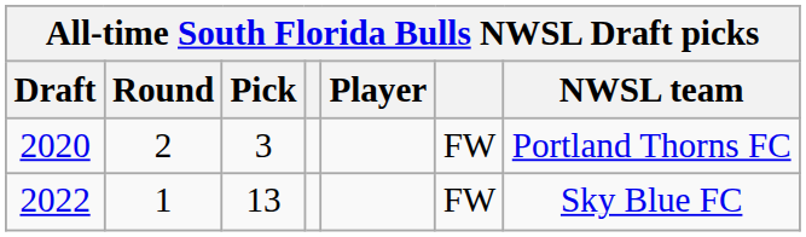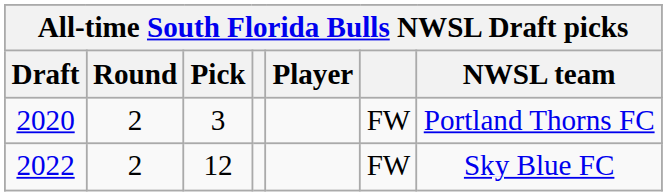 <table class="wikitable sortable" style="text-align: center;">
 <tr>
 <th colspan="7" style="background:#">All-time <a href='#'><span>South Florida Bulls</span></a> NWSL Draft picks</th>
 </tr>
 <tr>
 <th scope="col">Draft</th>
 <th scope="col">Round</th>
 <th scope="col">Pick</th>
 <th scope="col"></th>
 <th scope="col">Player</th>
 <th scope="col"></th>
 <th scope="col">NWSL team</th>
 </tr>
 <tr>
 <td><a href='#'>2020</a></td>
 <td>2</td>
 <td>3</td>
 <td></td>
 <td></td>
 <td>FW</td>
 <td><a href='#'>Portland Thorns FC</a></td>
 </tr>
 <tr>
 <td><a href='#'>2022</a></td>
-<td>1</td>
-<td>13</td>
+<td>2</td>
+<td>12</td>
 <td></td>
 <td></td>
 <td>FW</td>
 <td><a href='#'>Sky Blue FC</a></td>
 </tr>
 </table>
